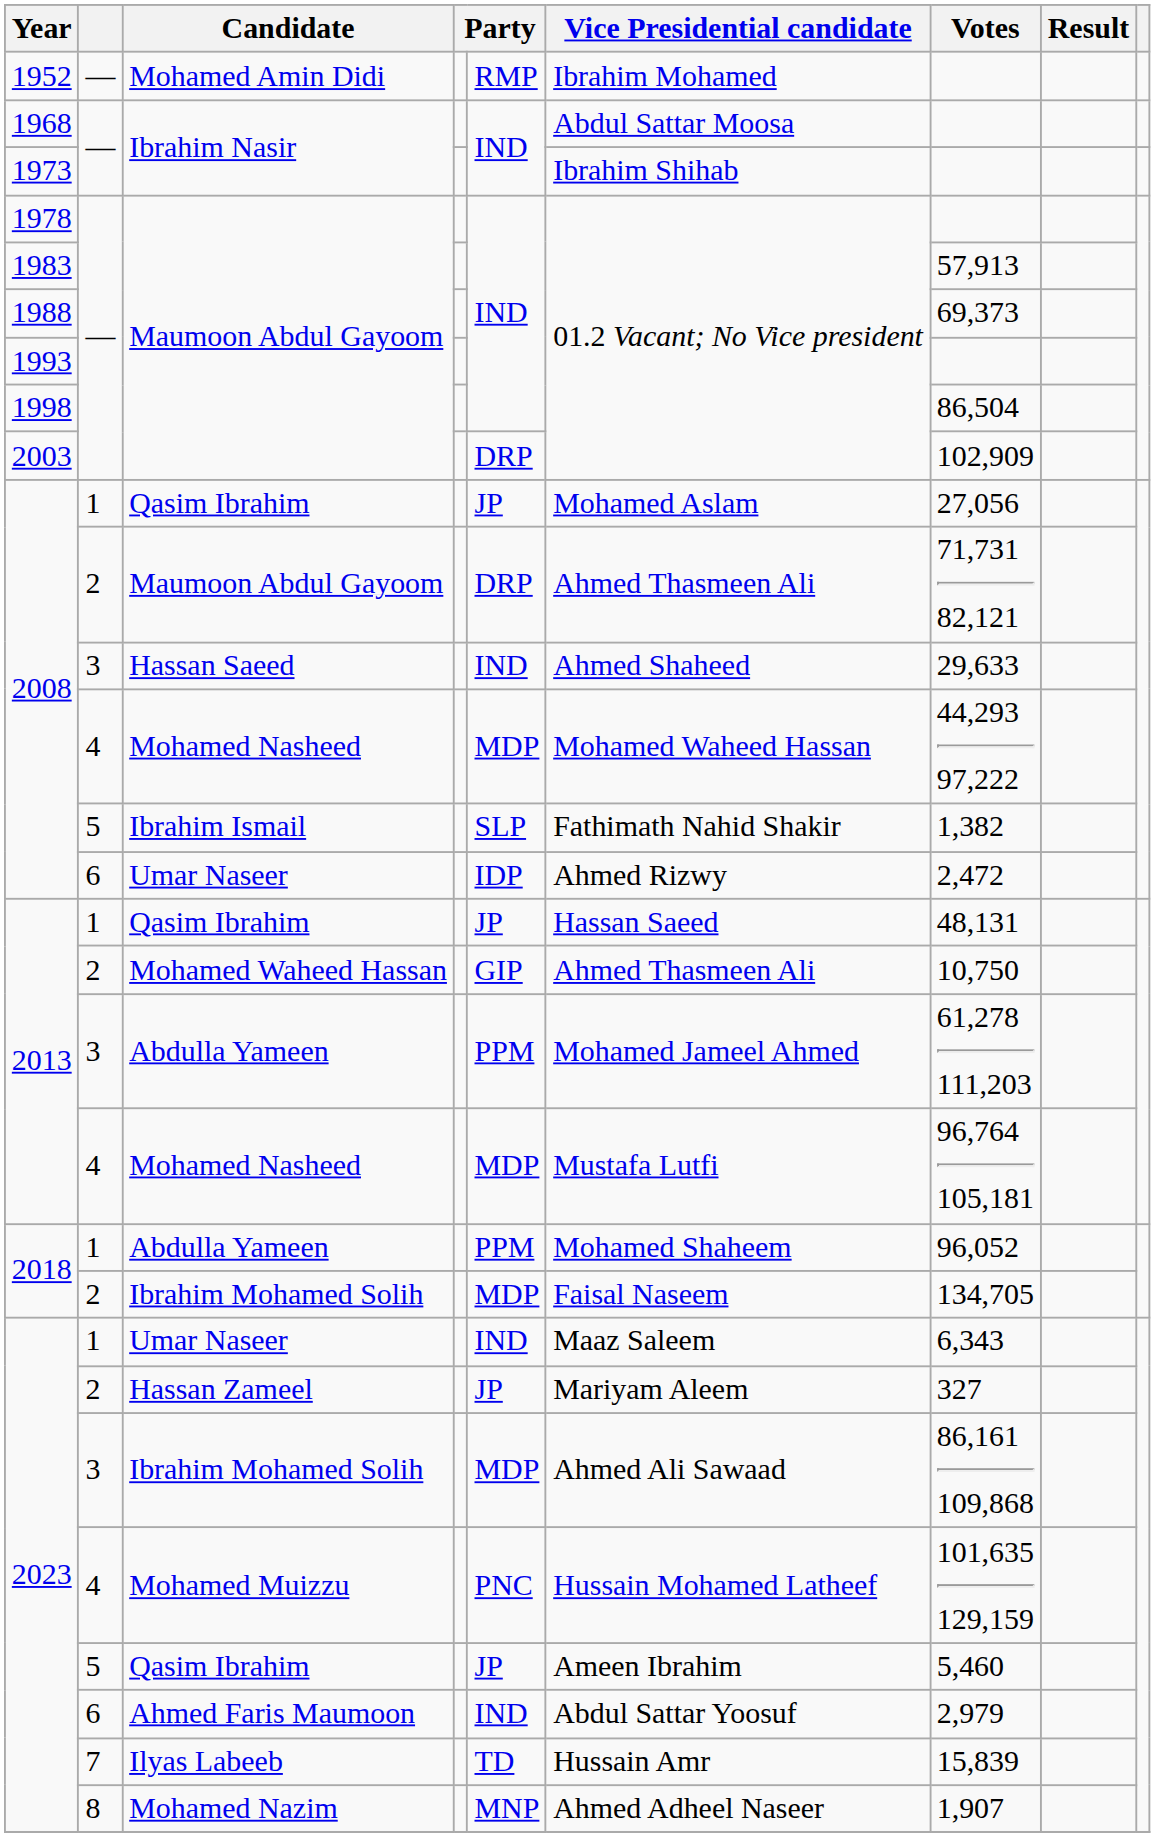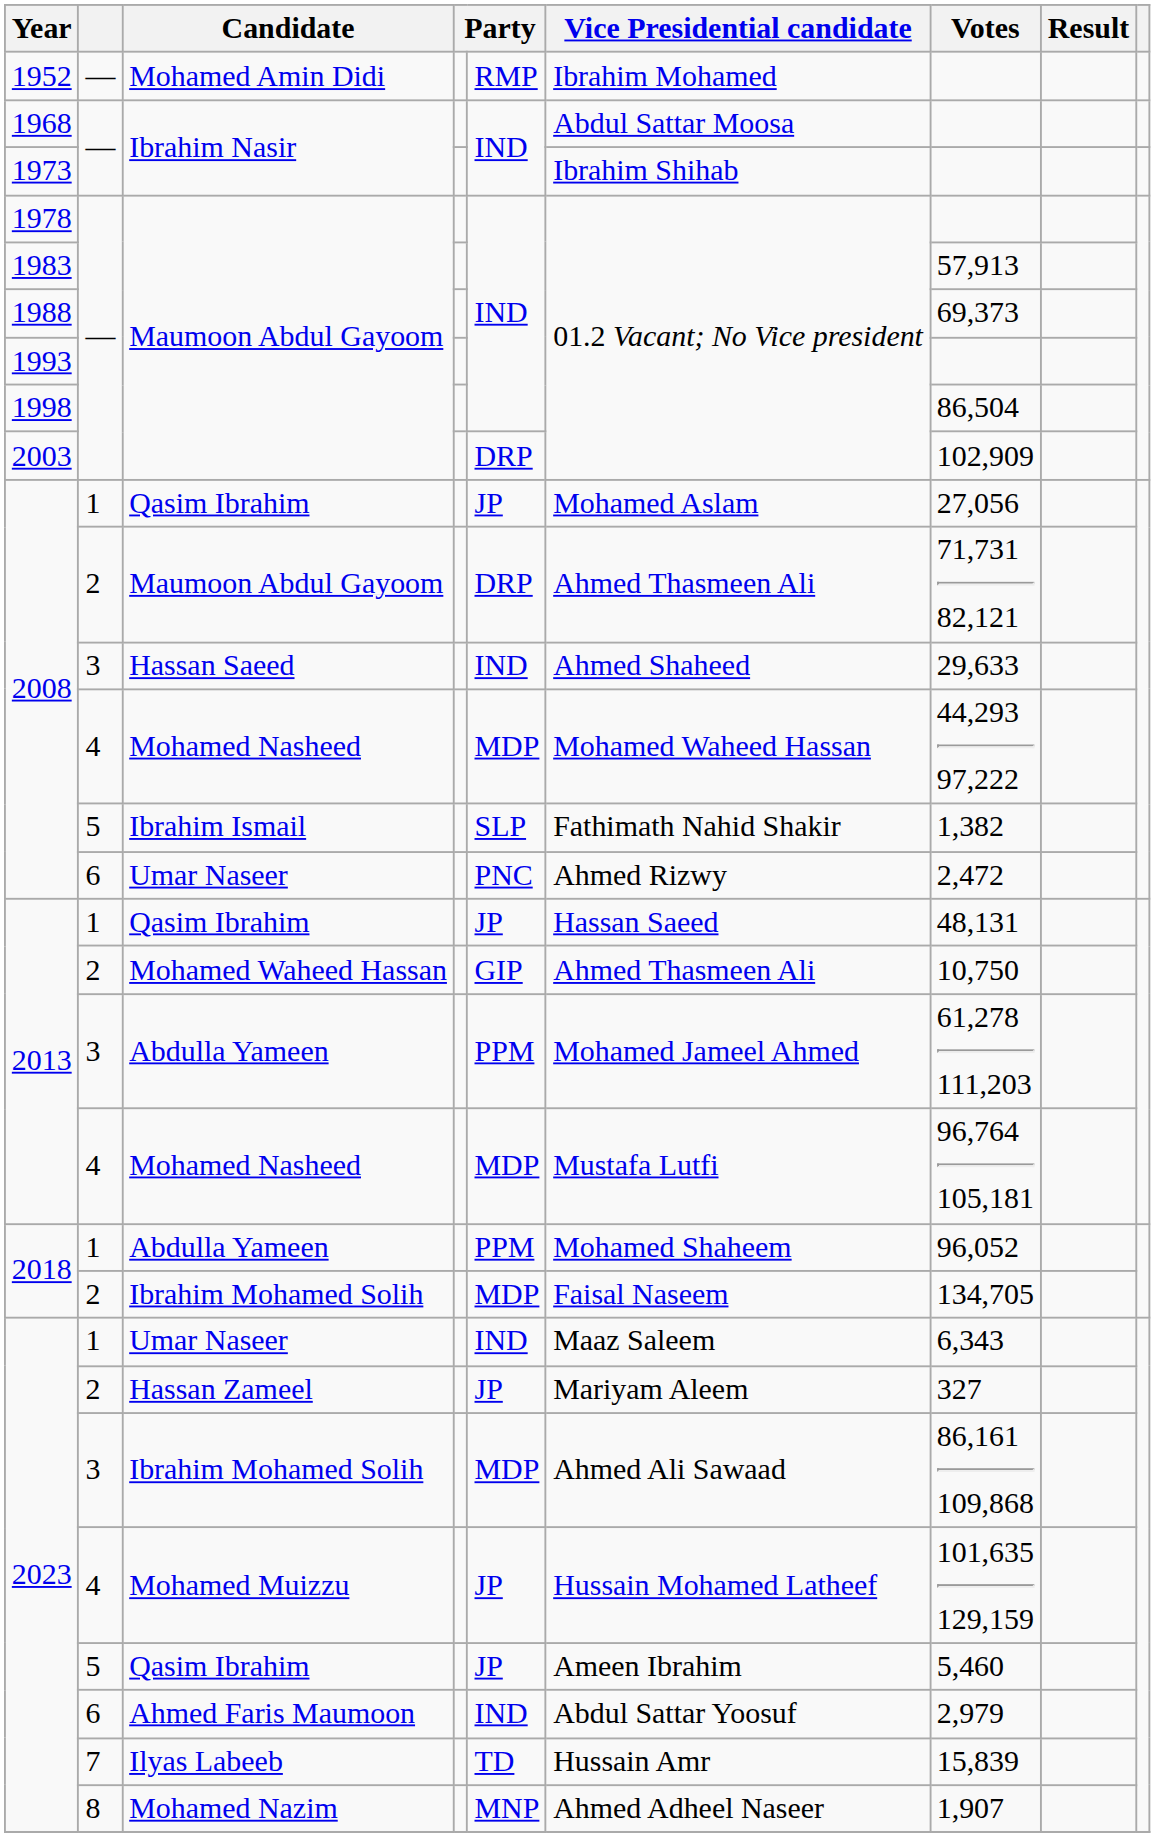 <table class="wikitable">
 <tr>
 <th>Year</th>
 <th></th>
 <th>Candidate</th>
 <th colspan=2>Party</th>
 <th><a href='#'>Vice Presidential candidate</a></th>
 <th>Votes</th>
 <th>Result</th>
 <th></th>
 </tr>
 <tr>
 <td><a href='#'>1952</a></td>
 <td>—</td>
 <td><a href='#'>Mohamed Amin Didi</a></td>
 <td ! style="background:"></td>
 <td><a href='#'>RMP</a></td>
 <td><a href='#'>Ibrahim Mohamed</a></td>
 <td></td>
 <td></td>
 <td></td>
 </tr>
 <tr>
 <td><a href='#'>1968</a></td>
 <td rowspan="2">—</td>
 <td rowspan="2"><a href='#'>Ibrahim Nasir</a></td>
 <td ! style="background:"></td>
 <td rowspan="2"><a href='#'>IND</a></td>
 <td><a href='#'>Abdul Sattar Moosa</a></td>
 <td></td>
 <td></td>
 <td></td>
 </tr>
 <tr>
 <td><a href='#'>1973</a></td>
 <td ! style="background:"></td>
 <td><a href='#'>Ibrahim Shihab</a></td>
 <td></td>
 <td></td>
 <td></td>
 </tr>
 <tr>
 <td><a href='#'>1978</a></td>
 <td rowspan="6">—</td>
 <td rowspan="6"><a href='#'>Maumoon Abdul Gayoom</a></td>
 <td ! style="background:"></td>
 <td rowspan="5"><a href='#'>IND</a></td>
 <td rowspan="6"><span>01.2</span> <em>Vacant; No Vice president</em></td>
 <td></td>
 <td></td>
 <td rowspan="6"></td>
 </tr>
 <tr>
 <td><a href='#'>1983</a></td>
 <td ! style="background:"></td>
 <td>57,913</td>
 <td></td>
 </tr>
 <tr>
 <td><a href='#'>1988</a></td>
 <td ! style="background:"></td>
 <td>69,373</td>
 <td></td>
 </tr>
 <tr>
 <td><a href='#'>1993</a></td>
 <td ! style="background:"></td>
 <td></td>
 <td></td>
 </tr>
 <tr>
 <td><a href='#'>1998</a></td>
 <td ! style="background:"></td>
 <td>86,504</td>
 <td></td>
 </tr>
 <tr>
 <td><a href='#'>2003</a></td>
 <td ! style="background:"></td>
 <td><a href='#'>DRP</a></td>
 <td>102,909</td>
 <td></td>
 </tr>
 <tr>
 <td rowspan="6"><a href='#'>2008</a></td>
 <td>1</td>
 <td><a href='#'>Qasim Ibrahim</a></td>
 <td ! style="background:"></td>
 <td><a href='#'>JP</a></td>
 <td><a href='#'>Mohamed Aslam</a></td>
 <td>27,056</td>
 <td></td>
 <td rowspan="6"></td>
 </tr>
 <tr>
 <td>2</td>
 <td><a href='#'>Maumoon Abdul Gayoom</a></td>
 <td ! style="background:"></td>
 <td><a href='#'>DRP</a></td>
 <td><a href='#'>Ahmed Thasmeen Ali</a></td>
 <td>71,731<br><hr> 82,121 </td>
 <td></td>
 </tr>
 <tr>
 <td>3</td>
 <td><a href='#'>Hassan Saeed</a></td>
 <td ! style="background:"></td>
 <td><a href='#'>IND</a></td>
 <td><a href='#'>Ahmed Shaheed</a></td>
 <td>29,633</td>
 <td></td>
 </tr>
 <tr>
 <td>4</td>
 <td><a href='#'>Mohamed Nasheed</a></td>
 <td ! style="background:"></td>
 <td><a href='#'>MDP</a></td>
 <td><a href='#'>Mohamed Waheed Hassan</a></td>
 <td>44,293<br><hr> 97,222 </td>
 <td></td>
 </tr>
 <tr>
 <td>5</td>
 <td><a href='#'>Ibrahim Ismail</a></td>
 <td ! style="background:"></td>
 <td><a href='#'>SLP</a></td>
 <td>Fathimath Nahid Shakir</td>
 <td>1,382</td>
 <td></td>
 </tr>
 <tr>
 <td>6</td>
 <td><a href='#'>Umar Naseer</a></td>
 <td ! style="background:"></td>
-<td><a href='#'>IDP</a></td>
+<td><a href='#'>PNC</a></td>
 <td>Ahmed Rizwy</td>
 <td>2,472</td>
 <td></td>
 </tr>
 <tr>
 <td rowspan="4"><a href='#'>2013</a></td>
 <td>1</td>
 <td><a href='#'>Qasim Ibrahim</a></td>
 <td ! style="background:"></td>
 <td><a href='#'>JP</a></td>
 <td><a href='#'>Hassan Saeed</a></td>
 <td>48,131</td>
 <td></td>
 <td rowspan="4"></td>
 </tr>
 <tr>
 <td>2</td>
 <td><a href='#'>Mohamed Waheed Hassan</a></td>
 <td ! style="background:"></td>
 <td><a href='#'>GIP</a></td>
 <td><a href='#'>Ahmed Thasmeen Ali</a></td>
 <td>10,750</td>
 <td></td>
 </tr>
 <tr>
 <td>3</td>
 <td><a href='#'>Abdulla Yameen</a></td>
 <td ! style="background:"></td>
 <td><a href='#'>PPM</a></td>
 <td><a href='#'>Mohamed Jameel Ahmed</a></td>
 <td>61,278<br><hr> 111,203 </td>
 <td></td>
 </tr>
 <tr>
 <td>4</td>
 <td><a href='#'>Mohamed Nasheed</a></td>
 <td ! style="background:"></td>
 <td><a href='#'>MDP</a></td>
 <td><a href='#'>Mustafa Lutfi</a></td>
 <td>96,764<br><hr> 105,181 </td>
 <td></td>
 </tr>
 <tr>
 <td rowspan="2"><a href='#'>2018</a></td>
 <td>1</td>
 <td><a href='#'>Abdulla Yameen</a></td>
 <td ! style="background:"></td>
 <td><a href='#'>PPM</a></td>
 <td><a href='#'>Mohamed Shaheem</a></td>
 <td>96,052</td>
 <td></td>
 <td rowspan="2"></td>
 </tr>
 <tr>
 <td>2</td>
 <td><a href='#'>Ibrahim Mohamed Solih</a></td>
 <td ! style="background:"></td>
 <td><a href='#'>MDP</a></td>
 <td><a href='#'>Faisal Naseem</a></td>
 <td>134,705</td>
 <td></td>
 </tr>
 <tr>
 <td rowspan="8"><a href='#'>2023</a></td>
 <td>1</td>
 <td><a href='#'>Umar Naseer</a></td>
 <td ! style="background:"></td>
 <td><a href='#'>IND</a></td>
 <td>Maaz Saleem</td>
 <td>6,343</td>
 <td></td>
 <td rowspan="8"></td>
 </tr>
 <tr>
 <td>2</td>
 <td><a href='#'>Hassan Zameel</a></td>
 <td ! style="background:"></td>
 <td><a href='#'>JP</a></td>
 <td>Mariyam Aleem</td>
 <td>327</td>
 <td></td>
 </tr>
 <tr>
 <td>3</td>
 <td><a href='#'>Ibrahim Mohamed Solih</a></td>
 <td ! style="background:"></td>
 <td><a href='#'>MDP</a></td>
 <td>Ahmed Ali Sawaad</td>
 <td>86,161<br><hr> 109,868 </td>
 <td></td>
 </tr>
 <tr>
 <td>4</td>
 <td><a href='#'>Mohamed Muizzu</a></td>
 <td ! style="background:"></td>
-<td><a href='#'>PNC</a></td>
+<td><a href='#'>JP</a></td>
 <td><a href='#'>Hussain Mohamed Latheef</a></td>
 <td>101,635<br><hr> 129,159 </td>
 <td></td>
 </tr>
 <tr>
 <td>5</td>
 <td><a href='#'>Qasim Ibrahim</a></td>
 <td ! style="background:"></td>
 <td><a href='#'>JP</a></td>
 <td>Ameen Ibrahim</td>
 <td>5,460</td>
 <td></td>
 </tr>
 <tr>
 <td>6</td>
 <td><a href='#'>Ahmed Faris Maumoon</a></td>
 <td ! style="background:"></td>
 <td><a href='#'>IND</a></td>
 <td>Abdul Sattar Yoosuf</td>
 <td>2,979</td>
 <td></td>
 </tr>
 <tr>
 <td>7</td>
 <td><a href='#'>Ilyas Labeeb</a></td>
 <td ! style="background:"></td>
 <td><a href='#'>TD</a></td>
 <td>Hussain Amr</td>
 <td>15,839</td>
 <td></td>
 </tr>
 <tr>
 <td>8</td>
 <td><a href='#'>Mohamed Nazim</a></td>
 <td ! style="background:"></td>
 <td><a href='#'>MNP</a></td>
 <td>Ahmed Adheel Naseer</td>
 <td>1,907</td>
 <td></td>
 </tr>
 <tr>
 </tr>
 </table>
